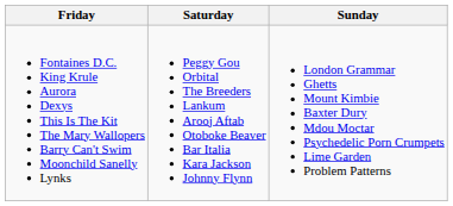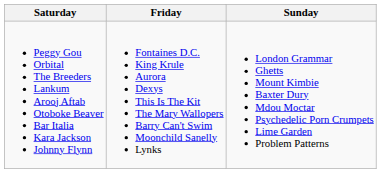 <table class="wikitable">
 <tr>
+<th>Saturday</th>
 <th>Friday</th>
-<th>Saturday</th>
 <th>Sunday</th>
 </tr>
 <tr>
+<td><br><ul><li><a href='#'>Peggy Gou</a></li><li><a href='#'>Orbital</a></li><li><a href='#'>The Breeders</a></li><li><a href='#'>Lankum</a></li><li><a href='#'>Arooj Aftab</a></li><li><a href='#'>Otoboke Beaver</a></li><li><a href='#'>Bar Italia</a></li><li><a href='#'>Kara Jackson</a></li><li><a href='#'>Johnny Flynn</a></li></ul></td>
 <td><br><ul><li><a href='#'>Fontaines D.C.</a></li><li><a href='#'>King Krule</a></li><li><a href='#'>Aurora</a></li><li><a href='#'>Dexys</a></li><li><a href='#'>This Is The Kit</a></li><li><a href='#'>The Mary Wallopers</a></li><li><a href='#'>Barry Can't Swim</a></li><li><a href='#'>Moonchild Sanelly</a></li><li>Lynks</li></ul></td>
-<td><br><ul><li><a href='#'>Peggy Gou</a></li><li><a href='#'>Orbital</a></li><li><a href='#'>The Breeders</a></li><li><a href='#'>Lankum</a></li><li><a href='#'>Arooj Aftab</a></li><li><a href='#'>Otoboke Beaver</a></li><li><a href='#'>Bar Italia</a></li><li><a href='#'>Kara Jackson</a></li><li><a href='#'>Johnny Flynn</a></li></ul></td>
 <td><br><ul><li><a href='#'>London Grammar</a></li><li><a href='#'>Ghetts</a></li><li><a href='#'>Mount Kimbie</a></li><li><a href='#'>Baxter Dury</a></li><li><a href='#'>Mdou Moctar</a></li><li><a href='#'>Psychedelic Porn Crumpets</a></li><li><a href='#'>Lime Garden</a></li><li>Problem Patterns</li></ul></td>
 </tr>
 </table>
